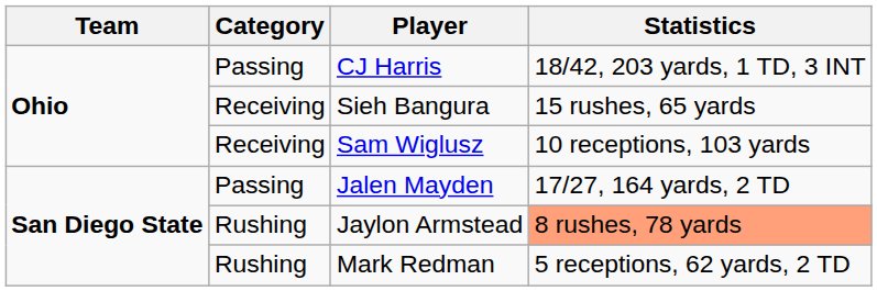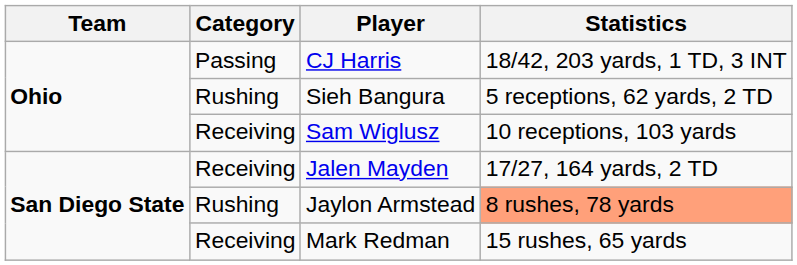 <table class="wikitable" style="float: right;">
 <tr>
 <th>Team</th>
 <th>Category</th>
 <th>Player</th>
 <th>Statistics</th>
 </tr>
 <tr>
 <td rowspan=3><strong>Ohio</strong></td>
 <td>Passing</td>
 <td><a href='#'>CJ Harris</a></td>
 <td>18/42, 203 yards, 1 TD, 3 INT</td>
 </tr>
 <tr>
-<td>Receiving</td>
+<td>Rushing</td>
 <td>Sieh Bangura</td>
-<td>15 rushes, 65 yards</td>
+<td>5 receptions, 62 yards, 2 TD</td>
 </tr>
 <tr>
 <td>Receiving</td>
 <td><a href='#'>Sam Wiglusz</a></td>
 <td>10 receptions, 103 yards</td>
 </tr>
 <tr>
 <td rowspan=3><strong>San Diego State</strong></td>
-<td>Passing</td>
+<td>Receiving</td>
 <td><a href='#'>Jalen Mayden</a></td>
 <td>17/27, 164 yards, 2 TD</td>
 </tr>
 <tr>
 <td>Rushing</td>
 <td>Jaylon Armstead</td>
 <td style="background: lightsalmon;">8 rushes, 78 yards</td>
 </tr>
 <tr>
-<td>Rushing</td>
+<td>Receiving</td>
 <td>Mark Redman</td>
-<td>5 receptions, 62 yards, 2 TD</td>
+<td>15 rushes, 65 yards</td>
 </tr>
 </table>
